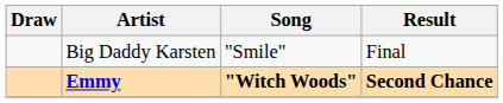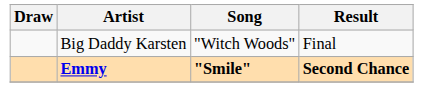 <table class="sortable wikitable" style="margin: 1em auto 1em auto;">
 <tr>
 <th scope="col">Draw</th>
 <th scope="col">Artist</th>
 <th scope="col">Song</th>
 <th scope="col">Result</th>
 </tr>
 <tr>
 <td></td>
 <td>Big Daddy Karsten</td>
-<td>"Smile"</td>
+<td>"Witch Woods"</td>
 <td>Final</td>
 </tr>
 <tr style="background: navajowhite; font-weight: bold;">
 <td></td>
 <td><a href='#'>Emmy</a></td>
-<td>"Witch Woods"</td>
+<td>"Smile"</td>
 <td>Second Chance</td>
 </tr>
 <tr>
 </tr>
 </table>
